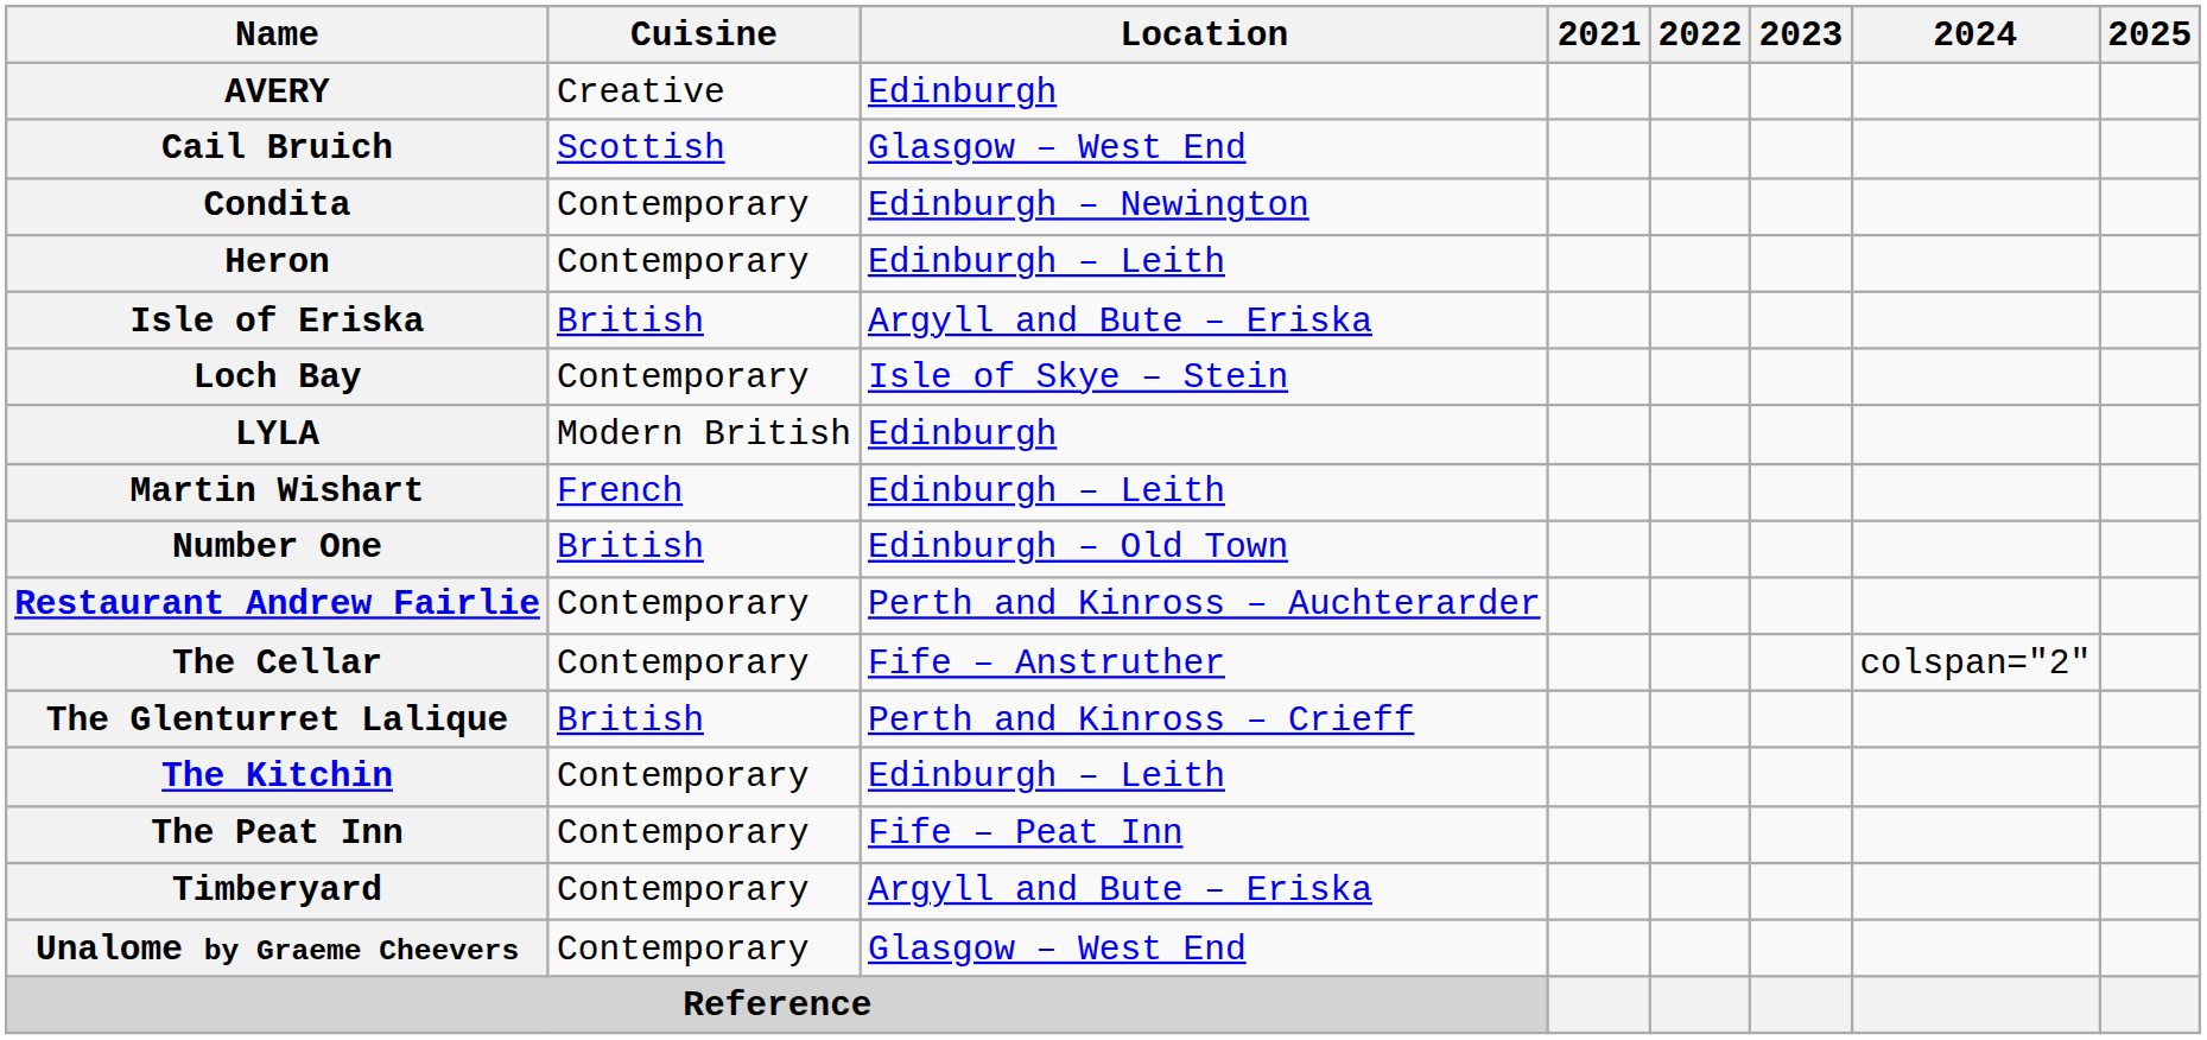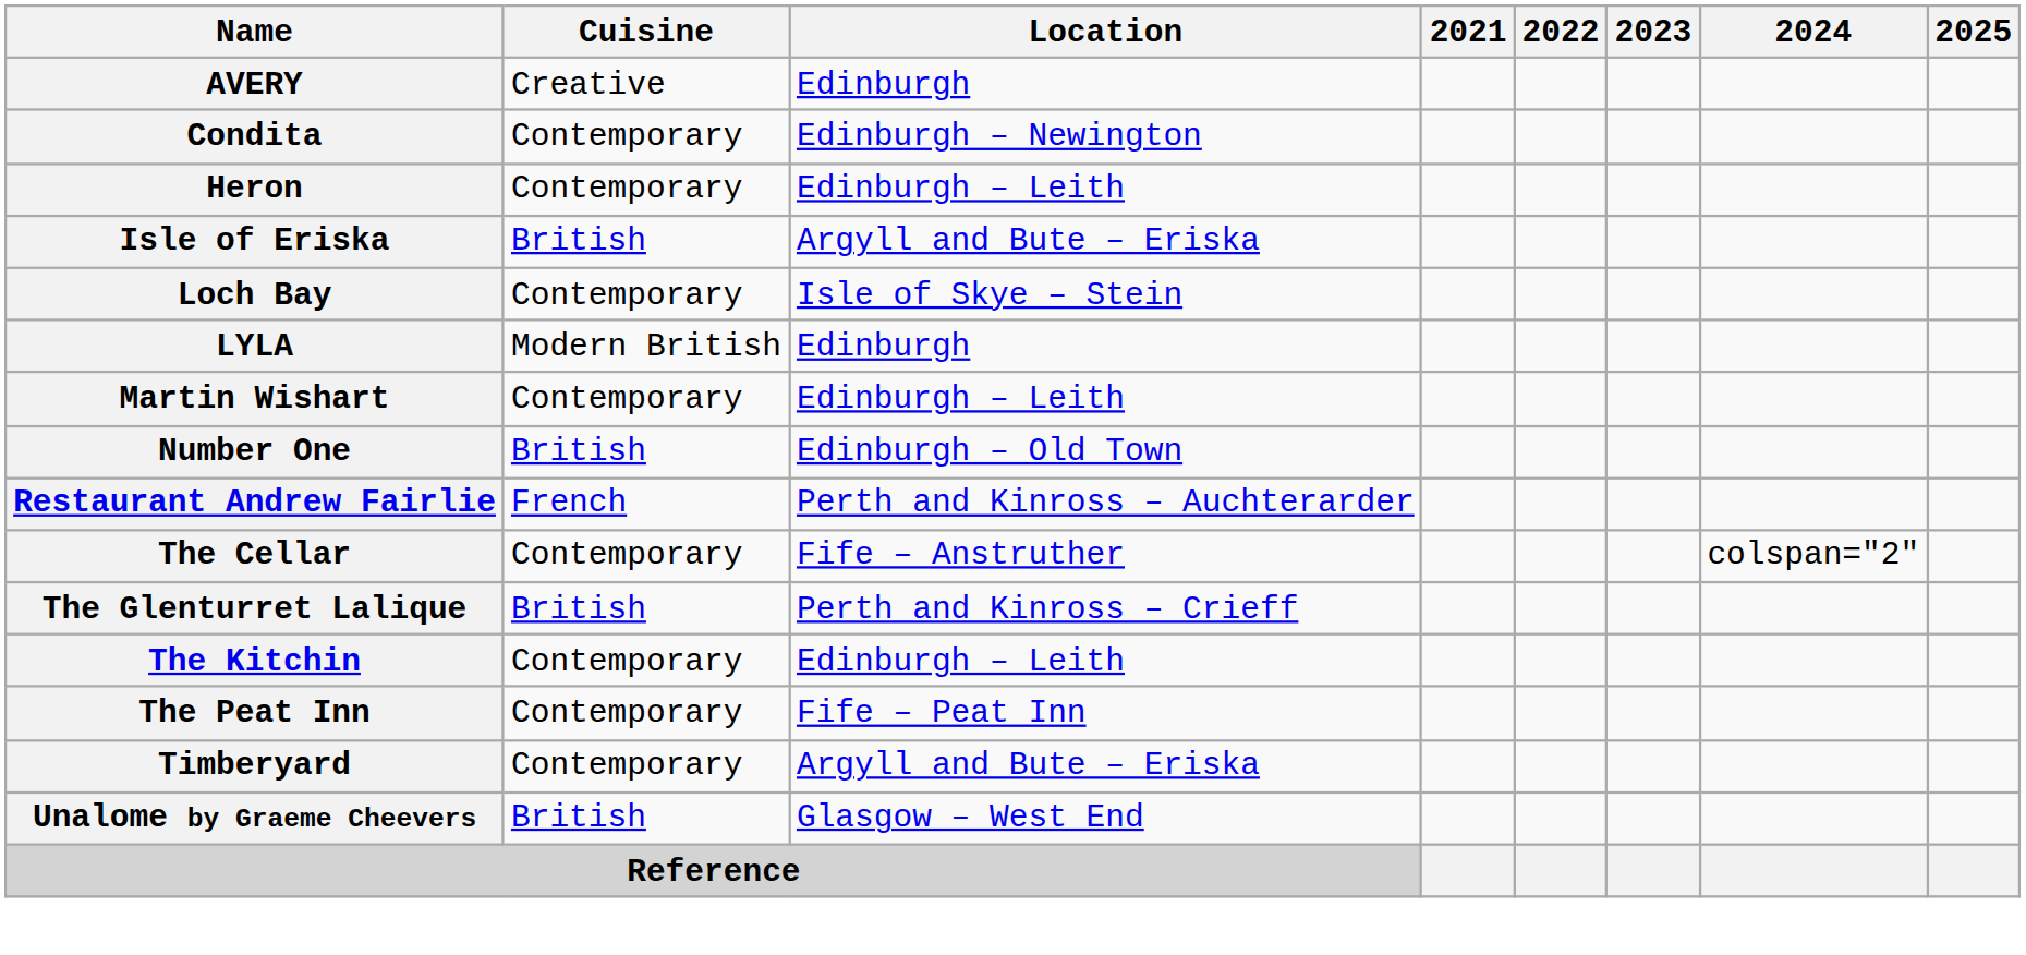 <table class="wikitable sortable plainrowheaders">
 <tr>
 <th scope="col">Name</th>
 <th scope="col">Cuisine</th>
 <th scope="col">Location</th>
 <th scope="col">2021</th>
 <th scope="col">2022</th>
 <th scope="col">2023</th>
 <th scope="col">2024</th>
 <th scope="col">2025</th>
 </tr>
 <tr>
 <th scope="row">AVERY</th>
 <td>Creative</td>
 <td><a href='#'>Edinburgh</a></td>
-<td></td>
-<td></td>
-<td></td>
-<td></td>
-<td></td>
-</tr>
-<tr>
-<th scope="row">Cail Bruich</th>
-<td><a href='#'>Scottish</a></td>
-<td><a href='#'>Glasgow – West End</a></td>
 <td></td>
 <td></td>
 <td></td>
 <td></td>
 <td></td>
 </tr>
 <tr>
 <th scope="row">Condita</th>
 <td>Contemporary</td>
 <td><a href='#'>Edinburgh – Newington</a></td>
 <td></td>
 <td></td>
 <td></td>
 <td></td>
 <td></td>
 </tr>
 <tr>
 <th scope="row">Heron</th>
 <td>Contemporary</td>
 <td><a href='#'>Edinburgh – Leith</a></td>
 <td></td>
 <td></td>
 <td></td>
 <td></td>
 <td></td>
 </tr>
 <tr>
 <th scope="row">Isle of Eriska</th>
 <td><a href='#'>British</a></td>
 <td><a href='#'>Argyll and Bute – Eriska</a></td>
 <td></td>
 <td></td>
 <td></td>
 <td></td>
 <td></td>
 </tr>
 <tr>
 <th scope="row">Loch Bay</th>
 <td>Contemporary</td>
 <td><a href='#'>Isle of Skye – Stein</a></td>
 <td></td>
 <td></td>
 <td></td>
 <td></td>
 <td></td>
 </tr>
 <tr>
 <th scope="row">LYLA</th>
 <td>Modern British</td>
 <td><a href='#'>Edinburgh</a></td>
 <td></td>
 <td></td>
 <td></td>
 <td></td>
 <td></td>
 </tr>
 <tr>
 <th scope="row">Martin Wishart</th>
-<td><a href='#'>French</a></td>
+<td>Contemporary</td>
 <td><a href='#'>Edinburgh – Leith</a></td>
 <td></td>
 <td></td>
 <td></td>
 <td></td>
 <td></td>
 </tr>
 <tr>
 <th scope="row">Number One</th>
 <td><a href='#'>British</a></td>
 <td><a href='#'>Edinburgh – Old Town</a></td>
 <td></td>
 <td></td>
 <td></td>
 <td></td>
 <td></td>
 </tr>
 <tr>
 <th scope="row"><a href='#'>Restaurant Andrew Fairlie</a></th>
-<td>Contemporary</td>
+<td><a href='#'>French</a></td>
 <td><a href='#'>Perth and Kinross – Auchterarder</a></td>
 <td></td>
 <td></td>
 <td></td>
 <td></td>
 <td></td>
 </tr>
 <tr>
 <th scope="row">The Cellar</th>
 <td>Contemporary</td>
 <td><a href='#'>Fife – Anstruther</a></td>
 <td></td>
 <td></td>
 <td></td>
 <td>colspan="2" </td>
 </tr>
 <tr>
 <th scope="row">The Glenturret Lalique</th>
 <td><a href='#'>British</a></td>
 <td><a href='#'>Perth and Kinross – Crieff</a></td>
 <td></td>
 <td></td>
 <td></td>
 <td></td>
 <td></td>
 </tr>
 <tr>
 <th scope="row"><a href='#'>The Kitchin</a></th>
 <td>Contemporary</td>
 <td><a href='#'>Edinburgh – Leith</a></td>
 <td></td>
 <td></td>
 <td></td>
 <td></td>
 <td></td>
 </tr>
 <tr>
 <th scope="row">The Peat Inn</th>
 <td>Contemporary</td>
 <td><a href='#'>Fife – Peat Inn</a></td>
 <td></td>
 <td></td>
 <td></td>
 <td></td>
 <td></td>
 </tr>
 <tr>
 <th scope="row">Timberyard</th>
 <td>Contemporary</td>
 <td><a href='#'>Argyll and Bute – Eriska</a></td>
 <td></td>
 <td></td>
 <td></td>
 <td></td>
 <td></td>
 </tr>
 <tr>
 <th scope="row">Unalome <small>by Graeme Cheevers</small></th>
-<td>Contemporary</td>
+<td><a href='#'>British</a></td>
 <td><a href='#'>Glasgow – West End</a></td>
 <td></td>
 <td></td>
 <td></td>
 <td></td>
 <td></td>
 </tr>
 <tr>
 <th colspan="3" style="text-align: center;background: lightgray;">Reference</th>
 <th></th>
 <th></th>
 <th></th>
 <th></th>
 <th></th>
 </tr>
 </table>
